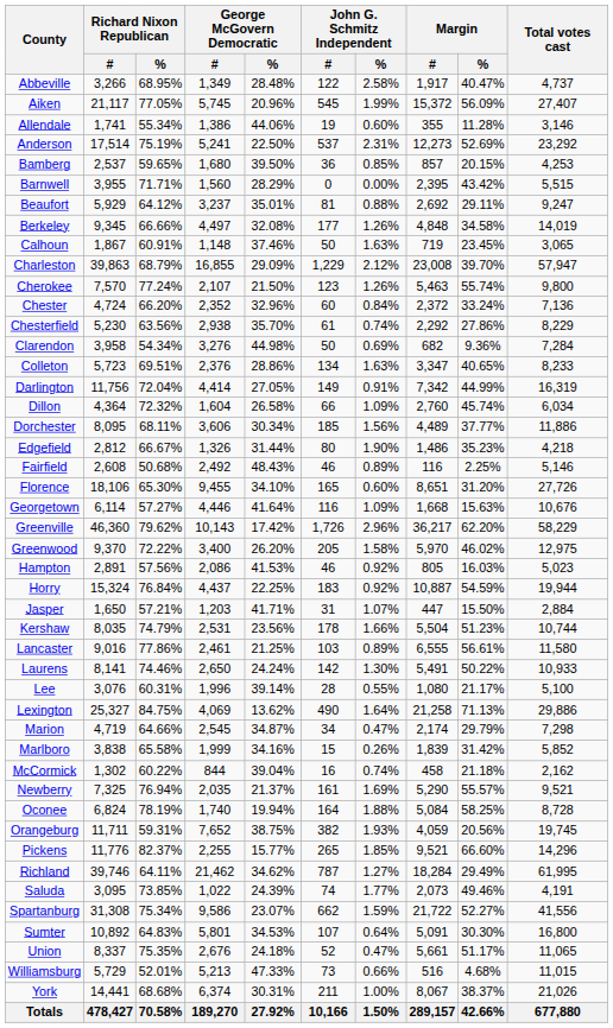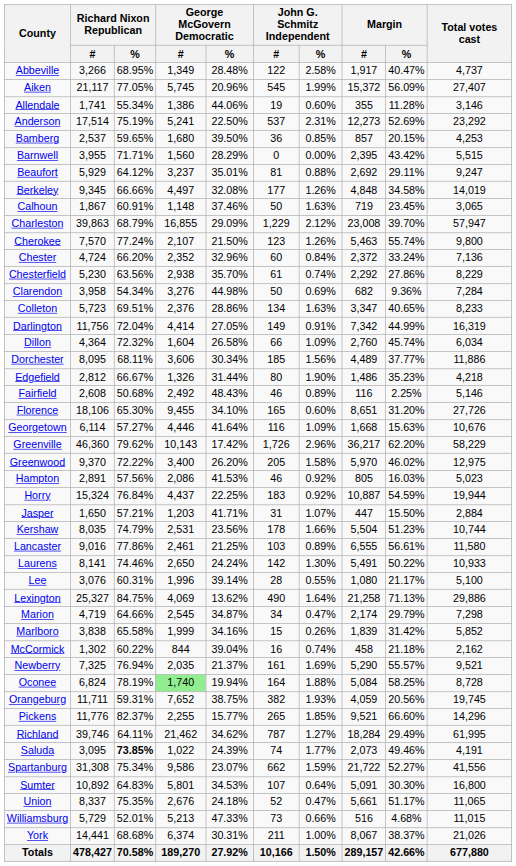 <table width="60%" class="wikitable sortable">
 <tr>
 <th rowspan="2">County</th>
 <th colspan="2">Richard Nixon<br>Republican</th>
 <th colspan="2">George McGovern<br>Democratic</th>
 <th colspan="2">John G. Schmitz<br>Independent</th>
 <th colspan="2">Margin</th>
 <th rowspan="2">Total votes cast</th>
 </tr>
 <tr>
 <th style="text-align:center;" data-sort-type="number">#</th>
 <th style="text-align:center;" data-sort-type="number">%</th>
 <th style="text-align:center;" data-sort-type="number">#</th>
 <th style="text-align:center;" data-sort-type="number">%</th>
 <th style="text-align:center;" data-sort-type="number">#</th>
 <th style="text-align:center;" data-sort-type="number">%</th>
 <th style="text-align:center;" data-sort-type="number">#</th>
 <th style="text-align:center;" data-sort-type="number">%</th>
 </tr>
 <tr style="text-align:center;">
 <td><a href='#'>Abbeville</a></td>
 <td>3,266</td>
 <td>68.95%</td>
 <td>1,349</td>
 <td>28.48%</td>
 <td>122</td>
 <td>2.58%</td>
 <td>1,917</td>
 <td>40.47%</td>
 <td>4,737</td>
 </tr>
 <tr style="text-align:center;">
 <td><a href='#'>Aiken</a></td>
 <td>21,117</td>
 <td>77.05%</td>
 <td>5,745</td>
 <td>20.96%</td>
 <td>545</td>
 <td>1.99%</td>
 <td>15,372</td>
 <td>56.09%</td>
 <td>27,407</td>
 </tr>
 <tr style="text-align:center;">
 <td><a href='#'>Allendale</a></td>
 <td>1,741</td>
 <td>55.34%</td>
 <td>1,386</td>
 <td>44.06%</td>
 <td>19</td>
 <td>0.60%</td>
 <td>355</td>
 <td>11.28%</td>
 <td>3,146</td>
 </tr>
 <tr style="text-align:center;">
 <td><a href='#'>Anderson</a></td>
 <td>17,514</td>
 <td>75.19%</td>
 <td>5,241</td>
 <td>22.50%</td>
 <td>537</td>
 <td>2.31%</td>
 <td>12,273</td>
 <td>52.69%</td>
 <td>23,292</td>
 </tr>
 <tr style="text-align:center;">
 <td><a href='#'>Bamberg</a></td>
 <td>2,537</td>
 <td>59.65%</td>
 <td>1,680</td>
 <td>39.50%</td>
 <td>36</td>
 <td>0.85%</td>
 <td>857</td>
 <td>20.15%</td>
 <td>4,253</td>
 </tr>
 <tr style="text-align:center;">
 <td><a href='#'>Barnwell</a></td>
 <td>3,955</td>
 <td>71.71%</td>
 <td>1,560</td>
 <td>28.29%</td>
 <td>0</td>
 <td>0.00%</td>
 <td>2,395</td>
 <td>43.42%</td>
 <td>5,515</td>
 </tr>
 <tr style="text-align:center;">
 <td><a href='#'>Beaufort</a></td>
 <td>5,929</td>
 <td>64.12%</td>
 <td>3,237</td>
 <td>35.01%</td>
 <td>81</td>
 <td>0.88%</td>
 <td>2,692</td>
 <td>29.11%</td>
 <td>9,247</td>
 </tr>
 <tr style="text-align:center;">
 <td><a href='#'>Berkeley</a></td>
 <td>9,345</td>
 <td>66.66%</td>
 <td>4,497</td>
 <td>32.08%</td>
 <td>177</td>
 <td>1.26%</td>
 <td>4,848</td>
 <td>34.58%</td>
 <td>14,019</td>
 </tr>
 <tr style="text-align:center;">
 <td><a href='#'>Calhoun</a></td>
 <td>1,867</td>
 <td>60.91%</td>
 <td>1,148</td>
 <td>37.46%</td>
 <td>50</td>
 <td>1.63%</td>
 <td>719</td>
 <td>23.45%</td>
 <td>3,065</td>
 </tr>
 <tr style="text-align:center;">
 <td><a href='#'>Charleston</a></td>
 <td>39,863</td>
 <td>68.79%</td>
 <td>16,855</td>
 <td>29.09%</td>
 <td>1,229</td>
 <td>2.12%</td>
 <td>23,008</td>
 <td>39.70%</td>
 <td>57,947</td>
 </tr>
 <tr style="text-align:center;">
 <td><a href='#'>Cherokee</a></td>
 <td>7,570</td>
 <td>77.24%</td>
 <td>2,107</td>
 <td>21.50%</td>
 <td>123</td>
 <td>1.26%</td>
 <td>5,463</td>
 <td>55.74%</td>
 <td>9,800</td>
 </tr>
 <tr style="text-align:center;">
 <td><a href='#'>Chester</a></td>
 <td>4,724</td>
 <td>66.20%</td>
 <td>2,352</td>
 <td>32.96%</td>
 <td>60</td>
 <td>0.84%</td>
 <td>2,372</td>
 <td>33.24%</td>
 <td>7,136</td>
 </tr>
 <tr style="text-align:center;">
 <td><a href='#'>Chesterfield</a></td>
 <td>5,230</td>
 <td>63.56%</td>
 <td>2,938</td>
 <td>35.70%</td>
 <td>61</td>
 <td>0.74%</td>
 <td>2,292</td>
 <td>27.86%</td>
 <td>8,229</td>
 </tr>
 <tr style="text-align:center;">
 <td><a href='#'>Clarendon</a></td>
 <td>3,958</td>
 <td>54.34%</td>
 <td>3,276</td>
 <td>44.98%</td>
 <td>50</td>
 <td>0.69%</td>
 <td>682</td>
 <td>9.36%</td>
 <td>7,284</td>
 </tr>
 <tr style="text-align:center;">
 <td><a href='#'>Colleton</a></td>
 <td>5,723</td>
 <td>69.51%</td>
 <td>2,376</td>
 <td>28.86%</td>
 <td>134</td>
 <td>1.63%</td>
 <td>3,347</td>
 <td>40.65%</td>
 <td>8,233</td>
 </tr>
 <tr style="text-align:center;">
 <td><a href='#'>Darlington</a></td>
 <td>11,756</td>
 <td>72.04%</td>
 <td>4,414</td>
 <td>27.05%</td>
 <td>149</td>
 <td>0.91%</td>
 <td>7,342</td>
 <td>44.99%</td>
 <td>16,319</td>
 </tr>
 <tr style="text-align:center;">
 <td><a href='#'>Dillon</a></td>
 <td>4,364</td>
 <td>72.32%</td>
 <td>1,604</td>
 <td>26.58%</td>
 <td>66</td>
 <td>1.09%</td>
 <td>2,760</td>
 <td>45.74%</td>
 <td>6,034</td>
 </tr>
 <tr style="text-align:center;">
 <td><a href='#'>Dorchester</a></td>
 <td>8,095</td>
 <td>68.11%</td>
 <td>3,606</td>
 <td>30.34%</td>
 <td>185</td>
 <td>1.56%</td>
 <td>4,489</td>
 <td>37.77%</td>
 <td>11,886</td>
 </tr>
 <tr style="text-align:center;">
 <td><a href='#'>Edgefield</a></td>
 <td>2,812</td>
 <td>66.67%</td>
 <td>1,326</td>
 <td>31.44%</td>
 <td>80</td>
 <td>1.90%</td>
 <td>1,486</td>
 <td>35.23%</td>
 <td>4,218</td>
 </tr>
 <tr style="text-align:center;">
 <td><a href='#'>Fairfield</a></td>
 <td>2,608</td>
 <td>50.68%</td>
 <td>2,492</td>
 <td>48.43%</td>
 <td>46</td>
 <td>0.89%</td>
 <td>116</td>
 <td>2.25%</td>
 <td>5,146</td>
 </tr>
 <tr style="text-align:center;">
 <td><a href='#'>Florence</a></td>
 <td>18,106</td>
 <td>65.30%</td>
 <td>9,455</td>
 <td>34.10%</td>
 <td>165</td>
 <td>0.60%</td>
 <td>8,651</td>
 <td>31.20%</td>
 <td>27,726</td>
 </tr>
 <tr style="text-align:center;">
 <td><a href='#'>Georgetown</a></td>
 <td>6,114</td>
 <td>57.27%</td>
 <td>4,446</td>
 <td>41.64%</td>
 <td>116</td>
 <td>1.09%</td>
 <td>1,668</td>
 <td>15.63%</td>
 <td>10,676</td>
 </tr>
 <tr style="text-align:center;">
 <td><a href='#'>Greenville</a></td>
 <td>46,360</td>
 <td>79.62%</td>
 <td>10,143</td>
 <td>17.42%</td>
 <td>1,726</td>
 <td>2.96%</td>
 <td>36,217</td>
 <td>62.20%</td>
 <td>58,229</td>
 </tr>
 <tr style="text-align:center;">
 <td><a href='#'>Greenwood</a></td>
 <td>9,370</td>
 <td>72.22%</td>
 <td>3,400</td>
 <td>26.20%</td>
 <td>205</td>
 <td>1.58%</td>
 <td>5,970</td>
 <td>46.02%</td>
 <td>12,975</td>
 </tr>
 <tr style="text-align:center;">
 <td><a href='#'>Hampton</a></td>
 <td>2,891</td>
 <td>57.56%</td>
 <td>2,086</td>
 <td>41.53%</td>
 <td>46</td>
 <td>0.92%</td>
 <td>805</td>
 <td>16.03%</td>
 <td>5,023</td>
 </tr>
 <tr style="text-align:center;">
 <td><a href='#'>Horry</a></td>
 <td>15,324</td>
 <td>76.84%</td>
 <td>4,437</td>
 <td>22.25%</td>
 <td>183</td>
 <td>0.92%</td>
 <td>10,887</td>
 <td>54.59%</td>
 <td>19,944</td>
 </tr>
 <tr style="text-align:center;">
 <td><a href='#'>Jasper</a></td>
 <td>1,650</td>
 <td>57.21%</td>
 <td>1,203</td>
 <td>41.71%</td>
 <td>31</td>
 <td>1.07%</td>
 <td>447</td>
 <td>15.50%</td>
 <td>2,884</td>
 </tr>
 <tr style="text-align:center;">
 <td><a href='#'>Kershaw</a></td>
 <td>8,035</td>
 <td>74.79%</td>
 <td>2,531</td>
 <td>23.56%</td>
 <td>178</td>
 <td>1.66%</td>
 <td>5,504</td>
 <td>51.23%</td>
 <td>10,744</td>
 </tr>
 <tr style="text-align:center;">
 <td><a href='#'>Lancaster</a></td>
 <td>9,016</td>
 <td>77.86%</td>
 <td>2,461</td>
 <td>21.25%</td>
 <td>103</td>
 <td>0.89%</td>
 <td>6,555</td>
 <td>56.61%</td>
 <td>11,580</td>
 </tr>
 <tr style="text-align:center;">
 <td><a href='#'>Laurens</a></td>
 <td>8,141</td>
 <td>74.46%</td>
 <td>2,650</td>
 <td>24.24%</td>
 <td>142</td>
 <td>1.30%</td>
 <td>5,491</td>
 <td>50.22%</td>
 <td>10,933</td>
 </tr>
 <tr style="text-align:center;">
 <td><a href='#'>Lee</a></td>
 <td>3,076</td>
 <td>60.31%</td>
 <td>1,996</td>
 <td>39.14%</td>
 <td>28</td>
 <td>0.55%</td>
 <td>1,080</td>
 <td>21.17%</td>
 <td>5,100</td>
 </tr>
 <tr style="text-align:center;">
 <td><a href='#'>Lexington</a></td>
 <td>25,327</td>
 <td>84.75%</td>
 <td>4,069</td>
 <td>13.62%</td>
 <td>490</td>
 <td>1.64%</td>
 <td>21,258</td>
 <td>71.13%</td>
 <td>29,886</td>
 </tr>
 <tr style="text-align:center;">
 <td><a href='#'>Marion</a></td>
 <td>4,719</td>
 <td>64.66%</td>
 <td>2,545</td>
 <td>34.87%</td>
 <td>34</td>
 <td>0.47%</td>
 <td>2,174</td>
 <td>29.79%</td>
 <td>7,298</td>
 </tr>
 <tr style="text-align:center;">
 <td><a href='#'>Marlboro</a></td>
 <td>3,838</td>
 <td>65.58%</td>
 <td>1,999</td>
 <td>34.16%</td>
 <td>15</td>
 <td>0.26%</td>
 <td>1,839</td>
 <td>31.42%</td>
 <td>5,852</td>
 </tr>
 <tr style="text-align:center;">
 <td><a href='#'>McCormick</a></td>
 <td>1,302</td>
 <td>60.22%</td>
 <td>844</td>
 <td>39.04%</td>
 <td>16</td>
 <td>0.74%</td>
 <td>458</td>
 <td>21.18%</td>
 <td>2,162</td>
 </tr>
 <tr style="text-align:center;">
 <td><a href='#'>Newberry</a></td>
 <td>7,325</td>
 <td>76.94%</td>
 <td>2,035</td>
 <td>21.37%</td>
 <td>161</td>
 <td>1.69%</td>
 <td>5,290</td>
 <td>55.57%</td>
 <td>9,521</td>
 </tr>
 <tr style="text-align:center;">
 <td><a href='#'>Oconee</a></td>
 <td>6,824</td>
 <td>78.19%</td>
-<td>1,740</td>
+<td style="background: lightgreen;">1,740</td>
 <td>19.94%</td>
 <td>164</td>
 <td>1.88%</td>
 <td>5,084</td>
 <td>58.25%</td>
 <td>8,728</td>
 </tr>
 <tr style="text-align:center;">
 <td><a href='#'>Orangeburg</a></td>
 <td>11,711</td>
 <td>59.31%</td>
 <td>7,652</td>
 <td>38.75%</td>
 <td>382</td>
 <td>1.93%</td>
 <td>4,059</td>
 <td>20.56%</td>
 <td>19,745</td>
 </tr>
 <tr style="text-align:center;">
 <td><a href='#'>Pickens</a></td>
 <td>11,776</td>
 <td>82.37%</td>
 <td>2,255</td>
 <td>15.77%</td>
 <td>265</td>
 <td>1.85%</td>
 <td>9,521</td>
 <td>66.60%</td>
 <td>14,296</td>
 </tr>
 <tr style="text-align:center;">
 <td><a href='#'>Richland</a></td>
 <td>39,746</td>
 <td>64.11%</td>
 <td>21,462</td>
 <td>34.62%</td>
 <td>787</td>
 <td>1.27%</td>
 <td>18,284</td>
 <td>29.49%</td>
 <td>61,995</td>
 </tr>
 <tr style="text-align:center;">
 <td><a href='#'>Saluda</a></td>
 <td>3,095</td>
-<td>73.85%</td>
+<td><strong>73.85%</strong></td>
 <td>1,022</td>
 <td>24.39%</td>
 <td>74</td>
 <td>1.77%</td>
 <td>2,073</td>
 <td>49.46%</td>
 <td>4,191</td>
 </tr>
 <tr style="text-align:center;">
 <td><a href='#'>Spartanburg</a></td>
 <td>31,308</td>
 <td>75.34%</td>
 <td>9,586</td>
 <td>23.07%</td>
 <td>662</td>
 <td>1.59%</td>
 <td>21,722</td>
 <td>52.27%</td>
 <td>41,556</td>
 </tr>
 <tr style="text-align:center;">
 <td><a href='#'>Sumter</a></td>
 <td>10,892</td>
 <td>64.83%</td>
 <td>5,801</td>
 <td>34.53%</td>
 <td>107</td>
 <td>0.64%</td>
 <td>5,091</td>
 <td>30.30%</td>
 <td>16,800</td>
 </tr>
 <tr style="text-align:center;">
 <td><a href='#'>Union</a></td>
 <td>8,337</td>
 <td>75.35%</td>
 <td>2,676</td>
 <td>24.18%</td>
 <td>52</td>
 <td>0.47%</td>
 <td>5,661</td>
 <td>51.17%</td>
 <td>11,065</td>
 </tr>
 <tr style="text-align:center;">
 <td><a href='#'>Williamsburg</a></td>
 <td>5,729</td>
 <td>52.01%</td>
 <td>5,213</td>
 <td>47.33%</td>
 <td>73</td>
 <td>0.66%</td>
 <td>516</td>
 <td>4.68%</td>
 <td>11,015</td>
 </tr>
 <tr style="text-align:center;">
 <td><a href='#'>York</a></td>
 <td>14,441</td>
 <td>68.68%</td>
 <td>6,374</td>
 <td>30.31%</td>
 <td>211</td>
 <td>1.00%</td>
 <td>8,067</td>
 <td>38.37%</td>
 <td>21,026</td>
 </tr>
 <tr style="text-align:center;">
 <th>Totals</th>
 <th>478,427</th>
 <th>70.58%</th>
 <th>189,270</th>
 <th>27.92%</th>
 <th>10,166</th>
 <th>1.50%</th>
 <th>289,157</th>
 <th>42.66%</th>
 <th>677,880</th>
 </tr>
 </table>
